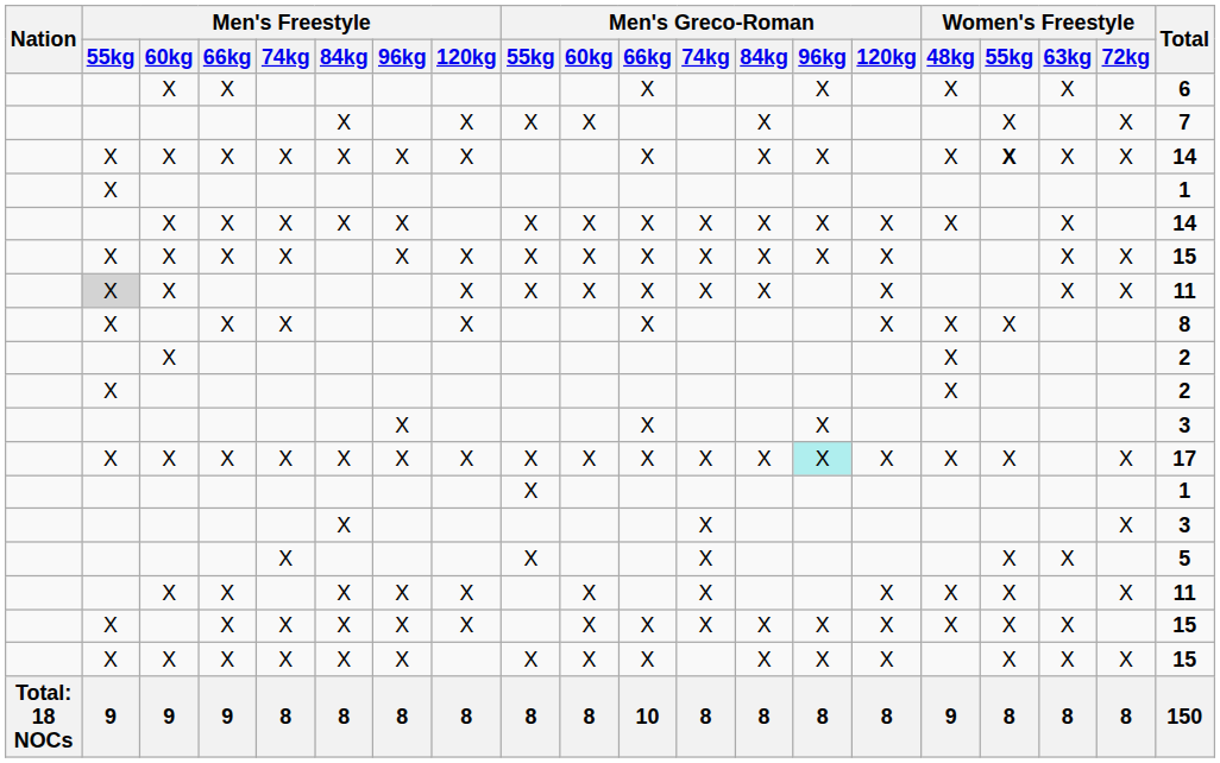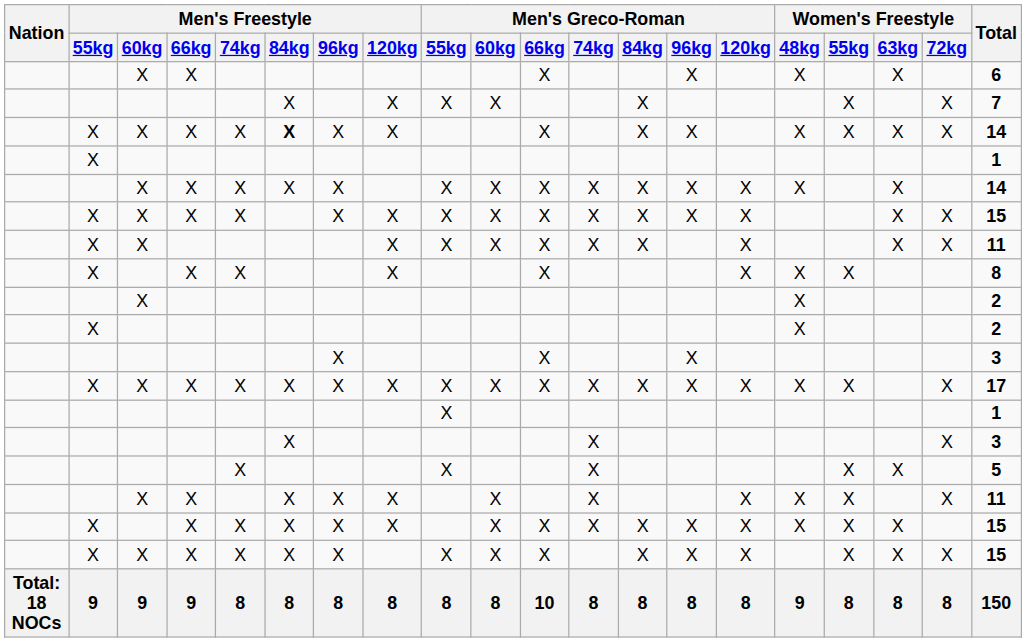 <table class="wikitable" style="text-align:center; font-size:90%">
 <tr>
 <th rowspan="2" style="text-align:left;">Nation</th>
 <th colspan="7">Men's Freestyle</th>
 <th colspan="7">Men's Greco-Roman</th>
 <th colspan=4>Women's Freestyle</th>
 <th rowspan="2">Total</th>
 </tr>
 <tr>
 <th><a href='#'>55kg</a></th>
 <th><a href='#'>60kg</a></th>
 <th><a href='#'>66kg</a></th>
 <th><a href='#'>74kg</a></th>
 <th><a href='#'>84kg</a></th>
 <th><a href='#'>96kg</a></th>
 <th><a href='#'>120kg</a></th>
 <th><a href='#'>55kg</a></th>
 <th><a href='#'>60kg</a></th>
 <th><a href='#'>66kg</a></th>
 <th><a href='#'>74kg</a></th>
 <th><a href='#'>84kg</a></th>
 <th><a href='#'>96kg</a></th>
 <th><a href='#'>120kg</a></th>
 <th><a href='#'>48kg</a></th>
 <th><a href='#'>55kg</a></th>
 <th><a href='#'>63kg</a></th>
 <th><a href='#'>72kg</a></th>
 </tr>
 <tr>
 <td style="text-align:left;"></td>
 <td></td>
 <td>X</td>
 <td>X</td>
 <td></td>
 <td></td>
 <td></td>
 <td></td>
 <td></td>
 <td></td>
 <td>X</td>
 <td></td>
 <td></td>
 <td>X</td>
 <td></td>
 <td>X</td>
 <td></td>
 <td>X</td>
 <td></td>
 <td><strong>6</strong></td>
 </tr>
 <tr>
 <td style="text-align:left;"></td>
 <td></td>
 <td></td>
 <td></td>
 <td></td>
 <td>X</td>
 <td></td>
 <td>X</td>
 <td>X</td>
 <td>X</td>
 <td></td>
 <td></td>
 <td>X</td>
 <td></td>
 <td></td>
 <td></td>
 <td>X</td>
 <td></td>
 <td>X</td>
 <td><strong>7</strong></td>
 </tr>
 <tr>
 <td style="text-align:left;"></td>
 <td>X</td>
 <td>X</td>
 <td>X</td>
 <td>X</td>
-<td>X</td>
+<td><strong>X</strong></td>
 <td>X</td>
 <td>X</td>
 <td></td>
 <td></td>
 <td>X</td>
 <td></td>
 <td>X</td>
 <td>X</td>
 <td></td>
 <td>X</td>
-<td><strong>X</strong></td>
+<td>X</td>
 <td>X</td>
 <td>X</td>
 <td><strong>14</strong></td>
 </tr>
 <tr>
 <td style="text-align:left;"></td>
 <td>X</td>
 <td></td>
 <td></td>
 <td></td>
 <td></td>
 <td></td>
 <td></td>
 <td></td>
 <td></td>
 <td></td>
 <td></td>
 <td></td>
 <td></td>
 <td></td>
 <td></td>
 <td></td>
 <td></td>
 <td></td>
 <td><strong>1</strong></td>
 </tr>
 <tr>
 <td style="text-align:left;"></td>
 <td></td>
 <td>X</td>
 <td>X</td>
 <td>X</td>
 <td>X</td>
 <td>X</td>
 <td></td>
 <td>X</td>
 <td>X</td>
 <td>X</td>
 <td>X</td>
 <td>X</td>
 <td>X</td>
 <td>X</td>
 <td>X</td>
 <td></td>
 <td>X</td>
 <td></td>
 <td><strong>14</strong></td>
 </tr>
 <tr>
 <td style="text-align:left;"></td>
 <td>X</td>
 <td>X</td>
 <td>X</td>
 <td>X</td>
 <td></td>
 <td>X</td>
 <td>X</td>
 <td>X</td>
 <td>X</td>
 <td>X</td>
 <td>X</td>
 <td>X</td>
 <td>X</td>
 <td>X</td>
 <td></td>
 <td></td>
 <td>X</td>
 <td>X</td>
 <td><strong>15</strong></td>
 </tr>
 <tr>
 <td style="text-align:left;"></td>
-<td style="background: lightgrey;">X</td>
+<td>X</td>
 <td>X</td>
 <td></td>
 <td></td>
 <td></td>
 <td></td>
 <td>X</td>
 <td>X</td>
 <td>X</td>
 <td>X</td>
 <td>X</td>
 <td>X</td>
 <td></td>
 <td>X</td>
 <td></td>
 <td></td>
 <td>X</td>
 <td>X</td>
 <td><strong>11</strong></td>
 </tr>
 <tr>
 <td style="text-align:left;"></td>
 <td>X</td>
 <td></td>
 <td>X</td>
 <td>X</td>
 <td></td>
 <td></td>
 <td>X</td>
 <td></td>
 <td></td>
 <td>X</td>
 <td></td>
 <td></td>
 <td></td>
 <td>X</td>
 <td>X</td>
 <td>X</td>
 <td></td>
 <td></td>
 <td><strong>8</strong></td>
 </tr>
 <tr>
 <td style="text-align:left;"></td>
 <td></td>
 <td>X</td>
 <td></td>
 <td></td>
 <td></td>
 <td></td>
 <td></td>
 <td></td>
 <td></td>
 <td></td>
 <td></td>
 <td></td>
 <td></td>
 <td></td>
 <td>X</td>
 <td></td>
 <td></td>
 <td></td>
 <td><strong>2</strong></td>
 </tr>
 <tr>
 <td style="text-align:left;"></td>
 <td>X</td>
 <td></td>
 <td></td>
 <td></td>
 <td></td>
 <td></td>
 <td></td>
 <td></td>
 <td></td>
 <td></td>
 <td></td>
 <td></td>
 <td></td>
 <td></td>
 <td>X</td>
 <td></td>
 <td></td>
 <td></td>
 <td><strong>2</strong></td>
 </tr>
 <tr>
 <td style="text-align:left;"></td>
 <td></td>
 <td></td>
 <td></td>
 <td></td>
 <td></td>
 <td>X</td>
 <td></td>
 <td></td>
 <td></td>
 <td>X</td>
 <td></td>
 <td></td>
 <td>X</td>
 <td></td>
 <td></td>
 <td></td>
 <td></td>
 <td></td>
 <td><strong>3</strong></td>
 </tr>
 <tr>
 <td style="text-align:left;"></td>
 <td>X</td>
 <td>X</td>
 <td>X</td>
 <td>X</td>
 <td>X</td>
 <td>X</td>
 <td>X</td>
 <td>X</td>
 <td>X</td>
 <td>X</td>
 <td>X</td>
 <td>X</td>
-<td style="background: paleturquoise;">X</td>
+<td>X</td>
 <td>X</td>
 <td>X</td>
 <td>X</td>
 <td></td>
 <td>X</td>
 <td><strong>17</strong></td>
 </tr>
 <tr>
 <td style="text-align:left;"></td>
 <td></td>
 <td></td>
 <td></td>
 <td></td>
 <td></td>
 <td></td>
 <td></td>
 <td>X</td>
 <td></td>
 <td></td>
 <td></td>
 <td></td>
 <td></td>
 <td></td>
 <td></td>
 <td></td>
 <td></td>
 <td></td>
 <td><strong>1</strong></td>
 </tr>
 <tr>
 <td style="text-align:left;"></td>
 <td></td>
 <td></td>
 <td></td>
 <td></td>
 <td>X</td>
 <td></td>
 <td></td>
 <td></td>
 <td></td>
 <td></td>
 <td>X</td>
 <td></td>
 <td></td>
 <td></td>
 <td></td>
 <td></td>
 <td></td>
 <td>X</td>
 <td><strong>3</strong></td>
 </tr>
 <tr>
 <td style="text-align:left;"></td>
 <td></td>
 <td></td>
 <td></td>
 <td>X</td>
 <td></td>
 <td></td>
 <td></td>
 <td>X</td>
 <td></td>
 <td></td>
 <td>X</td>
 <td></td>
 <td></td>
 <td></td>
 <td></td>
 <td>X</td>
 <td>X</td>
 <td></td>
 <td><strong>5</strong></td>
 </tr>
 <tr>
 <td style="text-align:left;"></td>
 <td></td>
 <td>X</td>
 <td>X</td>
 <td></td>
 <td>X</td>
 <td>X</td>
 <td>X</td>
 <td></td>
 <td>X</td>
 <td></td>
 <td>X</td>
 <td></td>
 <td></td>
 <td>X</td>
 <td>X</td>
 <td>X</td>
 <td></td>
 <td>X</td>
 <td><strong>11</strong></td>
 </tr>
 <tr>
 <td style="text-align:left;"></td>
 <td>X</td>
 <td></td>
 <td>X</td>
 <td>X</td>
 <td>X</td>
 <td>X</td>
 <td>X</td>
 <td></td>
 <td>X</td>
 <td>X</td>
 <td>X</td>
 <td>X</td>
 <td>X</td>
 <td>X</td>
 <td>X</td>
 <td>X</td>
 <td>X</td>
 <td></td>
 <td><strong>15</strong></td>
 </tr>
 <tr>
 <td style="text-align:left;"></td>
 <td>X</td>
 <td>X</td>
 <td>X</td>
 <td>X</td>
 <td>X</td>
 <td>X</td>
 <td></td>
 <td>X</td>
 <td>X</td>
 <td>X</td>
 <td></td>
 <td>X</td>
 <td>X</td>
 <td>X</td>
 <td></td>
 <td>X</td>
 <td>X</td>
 <td>X</td>
 <td><strong>15</strong></td>
 </tr>
 <tr>
 <th>Total: 18 NOCs</th>
 <th>9</th>
 <th>9</th>
 <th>9</th>
 <th>8</th>
 <th>8</th>
 <th>8</th>
 <th>8</th>
 <th>8</th>
 <th>8</th>
 <th>10</th>
 <th>8</th>
 <th>8</th>
 <th>8</th>
 <th>8</th>
 <th>9</th>
 <th>8</th>
 <th>8</th>
 <th>8</th>
 <th>150</th>
 </tr>
 </table>
